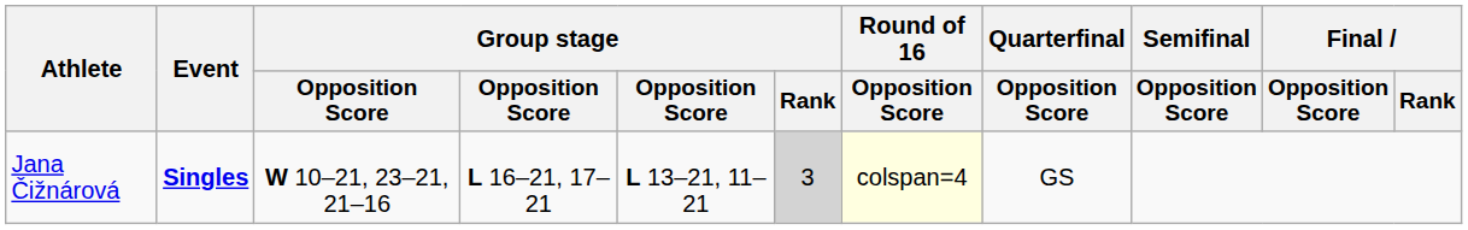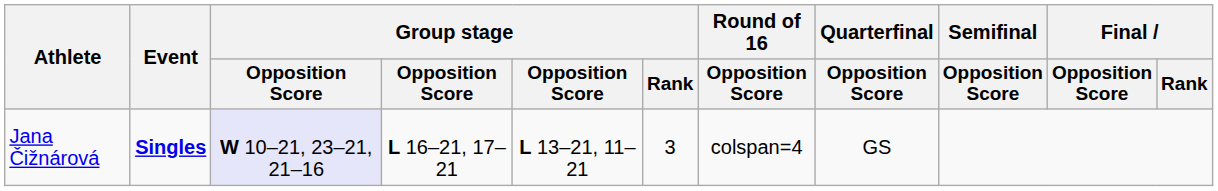 <table class="wikitable" style="font-size:90%">
 <tr>
 <th rowspan=2>Athlete</th>
 <th rowspan=2>Event</th>
 <th colspan=4>Group stage</th>
 <th>Round of 16</th>
 <th>Quarterfinal</th>
 <th>Semifinal</th>
 <th colspan=2>Final / </th>
 </tr>
 <tr style="font-size:95%">
 <th>Opposition<br>Score</th>
 <th>Opposition<br>Score</th>
 <th>Opposition<br>Score</th>
 <th>Rank</th>
 <th>Opposition<br>Score</th>
 <th>Opposition<br>Score</th>
 <th>Opposition<br>Score</th>
 <th>Opposition<br>Score</th>
 <th>Rank</th>
 </tr>
 <tr align=center>
 <td align=left><a href='#'>Jana Čižnárová</a></td>
 <td align=left><strong><a href='#'>Singles</a></strong></td>
-<td><br><strong>W</strong> 10–21, 23–21, 21–16</td>
+<td style="background: lavender;"><br><strong>W</strong> 10–21, 23–21, 21–16</td>
 <td><br> <strong>L</strong> 16–21, 17–21</td>
 <td><br><strong>L</strong> 13–21, 11–21</td>
-<td style="background: lightgrey;">3</td>
-<td style="background: lightyellow;">colspan=4 </td>
+<td>3</td>
+<td>colspan=4 </td>
 <td>GS</td>
 </tr>
 </table>
